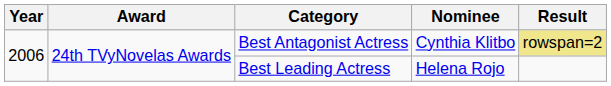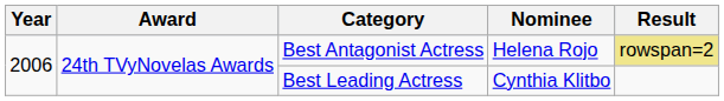 <table class="wikitable">
 <tr style="background:#b0c4de;">
 <th>Year</th>
 <th>Award</th>
 <th>Category</th>
 <th>Nominee</th>
 <th>Result</th>
 </tr>
 <tr>
 <td rowspan=2>2006</td>
 <td rowspan=2><a href='#'>24th TVyNovelas Awards</a></td>
 <td><a href='#'>Best Antagonist Actress</a></td>
-<td><a href='#'>Cynthia Klitbo</a></td>
+<td><a href='#'>Helena Rojo</a></td>
 <td style="background: khaki;">rowspan=2 </td>
 </tr>
 <tr>
 <td><a href='#'>Best Leading Actress</a></td>
-<td><a href='#'>Helena Rojo</a></td>
+<td><a href='#'>Cynthia Klitbo</a></td>
 </tr>
 </table>
